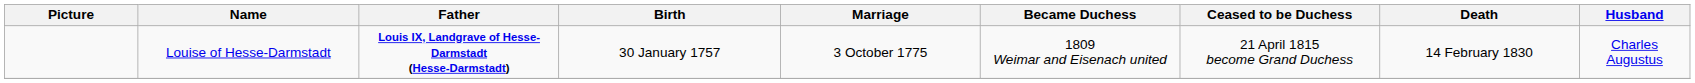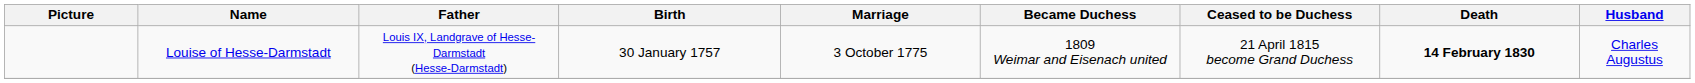 <table width=100% class="wikitable">
 <tr>
 <th width = "6%">Picture</th>
 <th width = "10%">Name</th>
 <th width = "9%">Father</th>
 <th width = "10%">Birth</th>
 <th width = "9%">Marriage</th>
 <th width = "9%">Became Duchess</th>
 <th width = "9%">Ceased to be Duchess</th>
 <th width = "9%">Death</th>
 <th width = "5%"><a href='#'>Husband</a></th>
 </tr>
 <tr>
 <td align="center"></td>
 <td align="center"><a href='#'>Louise of Hesse-Darmstadt</a></td>
-<td align="center"><strong><small><a href='#'>Louis IX, Landgrave of Hesse-Darmstadt</a><br>(<a href='#'>Hesse-Darmstadt</a>)</small></strong></td>
+<td align="center"><small><a href='#'>Louis IX, Landgrave of Hesse-Darmstadt</a><br>(<a href='#'>Hesse-Darmstadt</a>)</small></td>
 <td align="center">30 January 1757</td>
 <td align="center">3 October 1775</td>
 <td align="center">1809<br><em>Weimar and Eisenach united</em></td>
 <td align="center">21 April 1815<br><em>become Grand Duchess</em></td>
-<td align="center">14 February 1830</td>
+<td align="center"><strong>14 February 1830</strong></td>
 <td align="center"><a href='#'>Charles Augustus</a></td>
 </tr>
 <tr>
 </tr>
 </table>
